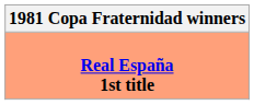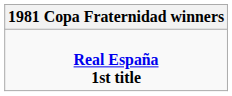 <table class="wikitable" border="1" style="text-align: center; margin: 0 auto;">
 <tr>
 <th>1981 Copa Fraternidad winners</th>
 </tr>
 <tr>
-<td align="center" style="background: lightsalmon;"><br><strong><a href='#'>Real España</a><br>1st title</strong></td>
+<td align="center"><br><strong><a href='#'>Real España</a><br>1st title</strong></td>
 </tr>
 </table>
